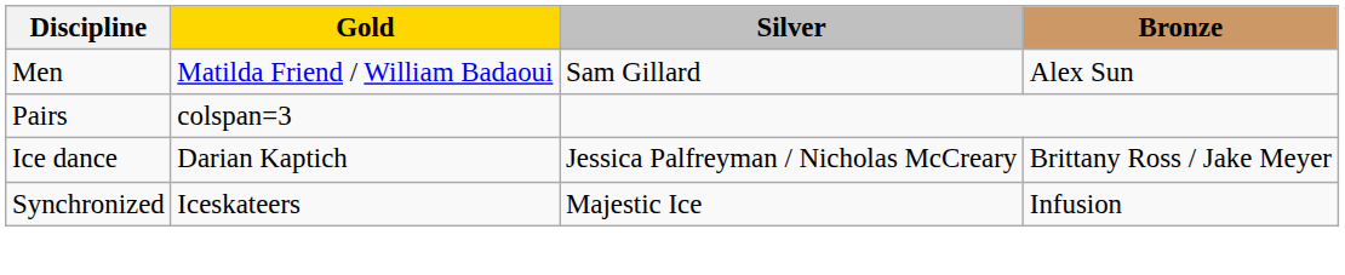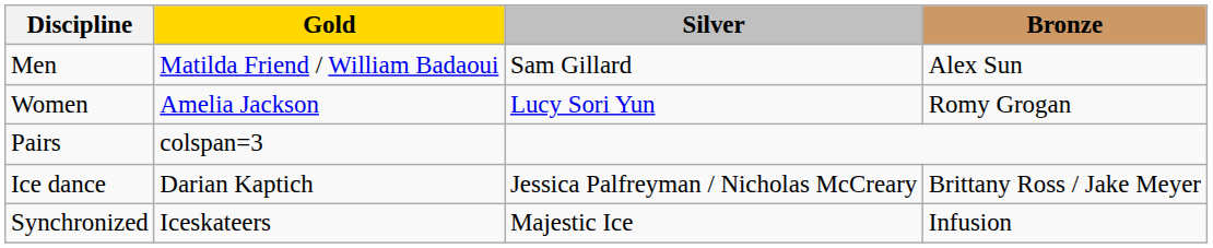 <table class="wikitable">
 <tr>
 <th>Discipline</th>
 <td align=center bgcolor=gold><strong>Gold</strong></td>
 <td align=center bgcolor=silver><strong>Silver</strong></td>
 <td align=center bgcolor=cc9966><strong>Bronze</strong></td>
 </tr>
 <tr>
 <td>Men</td>
 <td><a href='#'>Matilda Friend</a> / <a href='#'>William Badaoui</a></td>
 <td>Sam Gillard</td>
 <td>Alex Sun</td>
+</tr>
+<tr>
+<td>Women</td>
+<td><a href='#'>Amelia Jackson</a></td>
+<td><a href='#'>Lucy Sori Yun</a></td>
+<td>Romy Grogan</td>
 </tr>
 <tr>
 <td>Pairs</td>
 <td>colspan=3 </td>
 </tr>
 <tr>
 <td>Ice dance</td>
 <td>Darian Kaptich</td>
 <td>Jessica Palfreyman / Nicholas McCreary</td>
 <td>Brittany Ross / Jake Meyer</td>
 </tr>
 <tr>
 <td>Synchronized</td>
 <td>Iceskateers</td>
 <td>Majestic Ice</td>
 <td>Infusion</td>
 </tr>
 </table>
